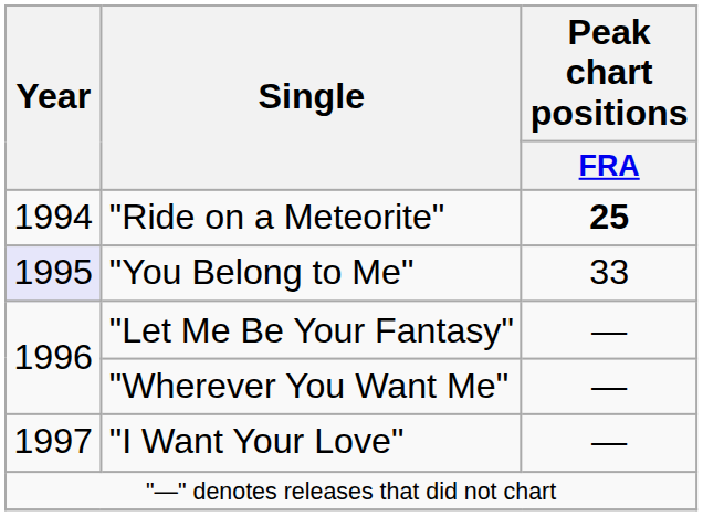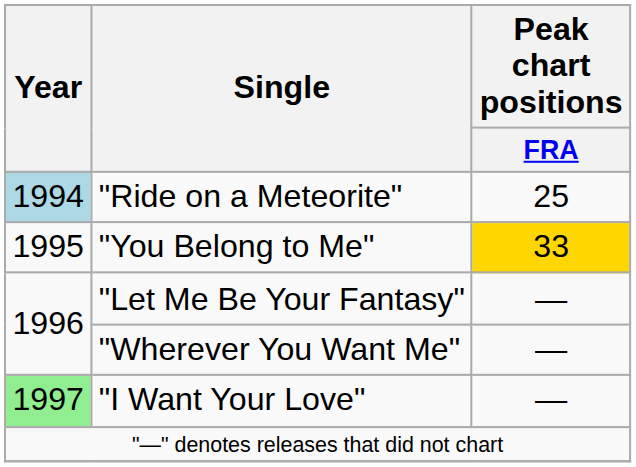 <table class="wikitable" style="text-align:center;">
 <tr>
 <th rowspan="2">Year</th>
 <th rowspan="2">Single</th>
 <th colspan="1">Peak chart positions</th>
 </tr>
 <tr style="font-size:smaller;">
 <th width="35"><a href='#'>FRA</a><br></th>
 </tr>
 <tr>
-<td>1994</td>
+<td style="background: lightblue;">1994</td>
 <td align="left">"Ride on a Meteorite"</td>
-<td><strong>25</strong></td>
+<td>25</td>
 </tr>
 <tr>
-<td style="background: lavender;">1995</td>
+<td>1995</td>
 <td align="left">"You Belong to Me"</td>
-<td>33</td>
+<td style="background: gold;">33</td>
 </tr>
 <tr>
 <td rowspan=2>1996</td>
 <td align="left">"Let Me Be Your Fantasy"</td>
 <td>—</td>
 </tr>
 <tr>
 <td align="left">"Wherever You Want Me"</td>
 <td>—</td>
 </tr>
 <tr>
-<td>1997</td>
+<td style="background: lightgreen;">1997</td>
 <td align="left">"I Want Your Love"</td>
 <td>—</td>
 </tr>
 <tr>
 <td colspan="15" style="font-size:8pt">"—" denotes releases that did not chart</td>
 </tr>
 <tr>
 </tr>
 </table>
